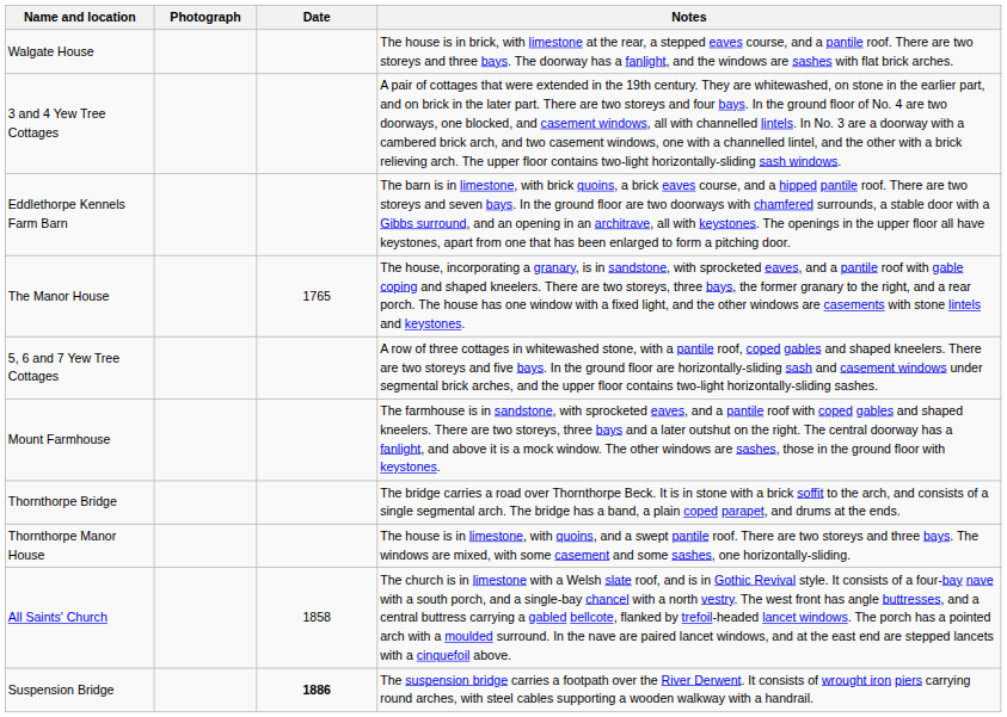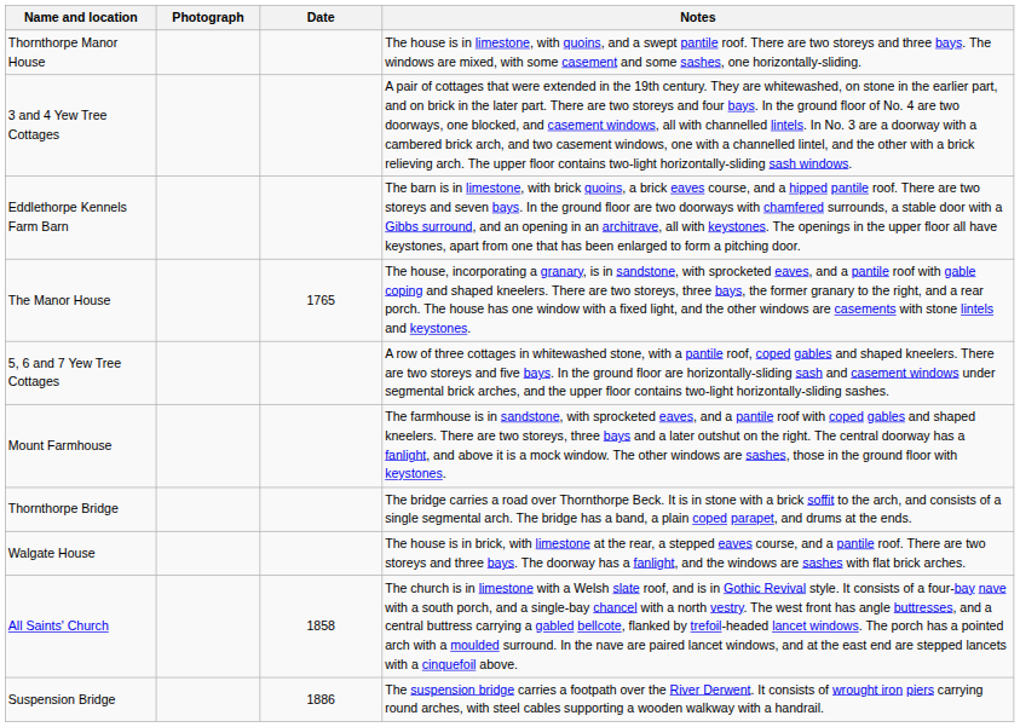 <table class="wikitable sortable plainrowheaders" style="width:100%;border:0px;text-align:left;line-height:150%;">
 <tr>
 <th scope="col"  style="width:150px">Name and location</th>
 <th scope="col"  style="width:100px" class="unsortable">Photograph</th>
 <th scope="col"  style="width:120px">Date</th>
 <th scope="col"  style="width:650px" class="unsortable">Notes</th>
 </tr>
 <tr>
-<td>Walgate House<br><small></small></td>
+<td>Thornthorpe Manor House<br><small></small></td>
 <td></td>
 <td align="center"></td>
-<td>The house is in brick, with <a href='#'>limestone</a> at the rear, a stepped <a href='#'>eaves</a> course, and a <a href='#'>pantile</a> roof.  There are two storeys and three <a href='#'>bays</a>.  The doorway has a <a href='#'>fanlight</a>, and the windows are <a href='#'>sashes</a> with flat brick arches.</td>
+<td>The house is in <a href='#'>limestone</a>, with <a href='#'>quoins</a>, and a swept <a href='#'>pantile</a> roof.  There are two storeys and three <a href='#'>bays</a>.  The windows are mixed, with some <a href='#'>casement</a> and some <a href='#'>sashes</a>, one horizontally-sliding.</td>
 </tr>
 <tr>
 <td>3 and 4 Yew Tree Cottages<br><small></small></td>
 <td></td>
 <td align="center"></td>
 <td>A pair of cottages that were extended in the 19th century.  They are whitewashed, on stone in the earlier part, and on brick in the later part.  There are two storeys and four <a href='#'>bays</a>. In the ground floor of No. 4 are two doorways, one blocked, and <a href='#'>casement windows</a>, all with channelled <a href='#'>lintels</a>.  In No. 3 are a doorway with a cambered brick arch, and two casement windows, one with a channelled lintel, and the other with a brick relieving arch.  The upper floor contains two-light horizontally-sliding <a href='#'>sash windows</a>.</td>
 </tr>
 <tr>
 <td>Eddlethorpe Kennels Farm Barn<br><small></small></td>
 <td></td>
 <td align="center"></td>
 <td>The barn is in <a href='#'>limestone</a>, with brick <a href='#'>quoins</a>, a brick <a href='#'>eaves</a> course, and a <a href='#'>hipped</a> <a href='#'>pantile</a> roof.  There are two storeys and seven <a href='#'>bays</a>.  In the ground floor are two doorways with <a href='#'>chamfered</a> surrounds, a stable door with a <a href='#'>Gibbs surround</a>, and an opening in an <a href='#'>architrave</a>, all with <a href='#'>keystones</a>.  The openings in the upper floor all have keystones, apart from one that has been enlarged to form a pitching door.</td>
 </tr>
 <tr>
 <td>The Manor House<br><small></small></td>
 <td></td>
 <td align="center">1765</td>
 <td>The house, incorporating a <a href='#'>granary</a>, is in <a href='#'>sandstone</a>, with sprocketed <a href='#'>eaves</a>, and a <a href='#'>pantile</a> roof with <a href='#'>gable</a> <a href='#'>coping</a> and shaped kneelers.  There are two storeys, three <a href='#'>bays</a>, the former granary to the right, and a rear porch.  The house has one window with a fixed light, and the other windows are <a href='#'>casements</a> with stone <a href='#'>lintels</a> and <a href='#'>keystones</a>.</td>
 </tr>
 <tr>
 <td>5, 6 and 7 Yew Tree Cottages<br><small></small></td>
 <td></td>
 <td align="center"></td>
 <td>A row of three cottages in whitewashed stone, with a <a href='#'>pantile</a> roof, <a href='#'>coped</a> <a href='#'>gables</a> and shaped kneelers.  There are two storeys and five <a href='#'>bays</a>.  In the ground floor are horizontally-sliding <a href='#'>sash</a> and <a href='#'>casement windows</a> under segmental brick arches, and the upper floor contains two-light horizontally-sliding sashes.</td>
 </tr>
 <tr>
 <td>Mount Farmhouse<br><small></small></td>
 <td></td>
 <td align="center"></td>
 <td>The farmhouse is in <a href='#'>sandstone</a>, with sprocketed <a href='#'>eaves</a>, and a <a href='#'>pantile</a> roof with <a href='#'>coped</a> <a href='#'>gables</a> and shaped kneelers.  There are two storeys, three <a href='#'>bays</a> and a later outshut on the right.  The central doorway has a <a href='#'>fanlight</a>, and above it is a mock window.  The other windows are <a href='#'>sashes</a>, those in the ground floor with <a href='#'>keystones</a>.</td>
 </tr>
 <tr>
 <td>Thornthorpe Bridge<br><small></small></td>
 <td></td>
 <td align="center"></td>
 <td>The bridge carries a road over Thornthorpe Beck.  It is in stone with a brick <a href='#'>soffit</a> to the arch, and consists of a single segmental arch.  The bridge has a band, a plain <a href='#'>coped</a> <a href='#'>parapet</a>, and drums at the ends.</td>
 </tr>
 <tr>
-<td>Thornthorpe Manor House<br><small></small></td>
+<td>Walgate House<br><small></small></td>
 <td></td>
 <td align="center"></td>
-<td>The house is in <a href='#'>limestone</a>, with <a href='#'>quoins</a>, and a swept <a href='#'>pantile</a> roof.  There are two storeys and three <a href='#'>bays</a>.  The windows are mixed, with some <a href='#'>casement</a> and some <a href='#'>sashes</a>, one horizontally-sliding.</td>
+<td>The house is in brick, with <a href='#'>limestone</a> at the rear, a stepped <a href='#'>eaves</a> course, and a <a href='#'>pantile</a> roof.  There are two storeys and three <a href='#'>bays</a>.  The doorway has a <a href='#'>fanlight</a>, and the windows are <a href='#'>sashes</a> with flat brick arches.</td>
 </tr>
 <tr>
 <td><a href='#'>All Saints' Church</a><br><small></small></td>
 <td></td>
 <td align="center">1858</td>
 <td>The church is in <a href='#'>limestone</a> with a Welsh <a href='#'>slate</a> roof, and is in <a href='#'>Gothic Revival</a> style.  It consists of a four-<a href='#'>bay</a> <a href='#'>nave</a> with a south porch, and a single-bay <a href='#'>chancel</a> with a north <a href='#'>vestry</a>.  The west front has angle <a href='#'>buttresses</a>, and a central buttress carrying a <a href='#'>gabled</a> <a href='#'>bellcote</a>, flanked by <a href='#'>trefoil</a>-headed <a href='#'>lancet windows</a>.  The porch has a pointed arch with a <a href='#'>moulded</a> surround.  In the nave are paired lancet windows, and at the east end are stepped lancets with a <a href='#'>cinquefoil</a> above.</td>
 </tr>
 <tr>
 <td>Suspension Bridge<br><small></small></td>
 <td></td>
-<td align="center"><strong>1886</strong></td>
+<td align="center">1886</td>
 <td>The <a href='#'>suspension bridge</a> carries a footpath over the <a href='#'>River Derwent</a>.  It consists of <a href='#'>wrought iron</a> <a href='#'>piers</a> carrying round arches, with steel cables supporting a wooden walkway with a handrail.</td>
 </tr>
 <tr>
 </tr>
 </table>
